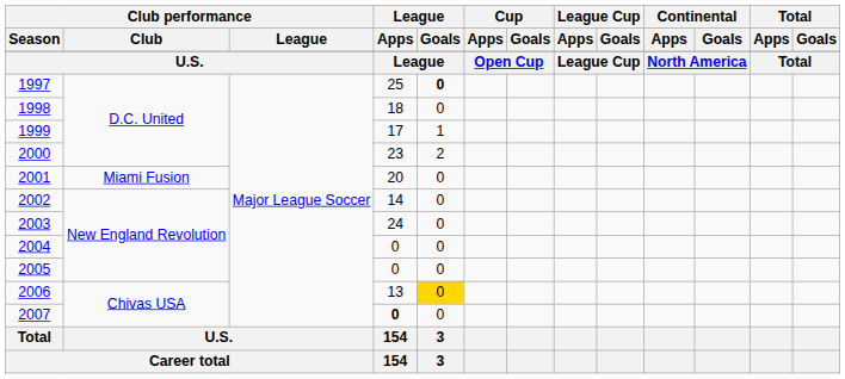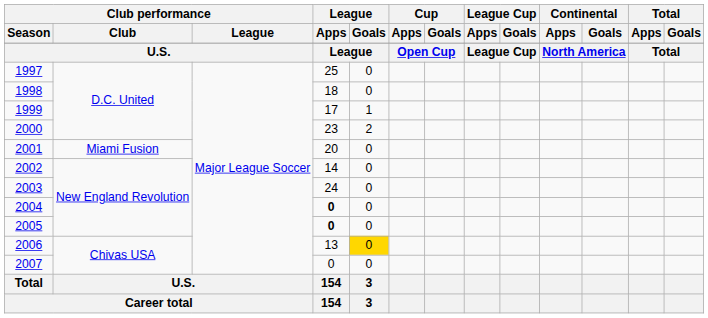 <table class="wikitable" style="text-align:center">
 <tr>
 <th colspan=3>Club performance</th>
 <th colspan=2>League</th>
 <th colspan=2>Cup</th>
 <th colspan=2>League Cup</th>
 <th colspan=2>Continental</th>
 <th colspan=2>Total</th>
 </tr>
 <tr>
 <th>Season</th>
 <th>Club</th>
 <th>League</th>
 <th>Apps</th>
 <th>Goals</th>
 <th>Apps</th>
 <th>Goals</th>
 <th>Apps</th>
 <th>Goals</th>
 <th>Apps</th>
 <th>Goals</th>
 <th>Apps</th>
 <th>Goals</th>
 </tr>
 <tr>
 </tr>
 <tr>
 <th colspan=3>U.S.</th>
 <th colspan=2>League</th>
 <th colspan=2><a href='#'>Open Cup</a></th>
 <th colspan=2>League Cup</th>
 <th colspan=2><a href='#'>North America</a></th>
 <th colspan=2>Total</th>
 </tr>
 <tr>
 <td><a href='#'>1997</a></td>
 <td rowspan="4"><a href='#'>D.C. United</a></td>
 <td rowspan="11"><a href='#'>Major League Soccer</a></td>
 <td>25</td>
-<td><strong>0</strong></td>
+<td>0</td>
 <td></td>
 <td></td>
 <td></td>
 <td></td>
 <td></td>
 <td></td>
 <td></td>
 <td></td>
 </tr>
 <tr>
 <td><a href='#'>1998</a></td>
 <td>18</td>
 <td>0</td>
 <td></td>
 <td></td>
 <td></td>
 <td></td>
 <td></td>
 <td></td>
 <td></td>
 <td></td>
 </tr>
 <tr>
 <td><a href='#'>1999</a></td>
 <td>17</td>
 <td>1</td>
 <td></td>
 <td></td>
 <td></td>
 <td></td>
 <td></td>
 <td></td>
 <td></td>
 <td></td>
 </tr>
 <tr>
 <td><a href='#'>2000</a></td>
 <td>23</td>
 <td>2</td>
 <td></td>
 <td></td>
 <td></td>
 <td></td>
 <td></td>
 <td></td>
 <td></td>
 <td></td>
 </tr>
 <tr>
 <td><a href='#'>2001</a></td>
 <td><a href='#'>Miami Fusion</a></td>
 <td>20</td>
 <td>0</td>
 <td></td>
 <td></td>
 <td></td>
 <td></td>
 <td></td>
 <td></td>
 <td></td>
 <td></td>
 </tr>
 <tr>
 <td><a href='#'>2002</a></td>
 <td rowspan="4"><a href='#'>New England Revolution</a></td>
 <td>14</td>
 <td>0</td>
 <td></td>
 <td></td>
 <td></td>
 <td></td>
 <td></td>
 <td></td>
 <td></td>
 <td></td>
 </tr>
 <tr>
 <td><a href='#'>2003</a></td>
 <td>24</td>
 <td>0</td>
 <td></td>
 <td></td>
 <td></td>
 <td></td>
 <td></td>
 <td></td>
 <td></td>
 <td></td>
 </tr>
 <tr>
 <td><a href='#'>2004</a></td>
-<td>0</td>
+<td><strong>0</strong></td>
 <td>0</td>
 <td></td>
 <td></td>
 <td></td>
 <td></td>
 <td></td>
 <td></td>
 <td></td>
 <td></td>
 </tr>
 <tr>
 <td><a href='#'>2005</a></td>
-<td>0</td>
+<td><strong>0</strong></td>
 <td>0</td>
 <td></td>
 <td></td>
 <td></td>
 <td></td>
 <td></td>
 <td></td>
 <td></td>
 <td></td>
 </tr>
 <tr>
 <td><a href='#'>2006</a></td>
 <td rowspan="2"><a href='#'>Chivas USA</a></td>
 <td>13</td>
 <td style="background: gold;">0</td>
 <td></td>
 <td></td>
 <td></td>
 <td></td>
 <td></td>
 <td></td>
 <td></td>
 <td></td>
 </tr>
 <tr>
 <td><a href='#'>2007</a></td>
-<td><strong>0</strong></td>
+<td>0</td>
 <td>0</td>
 <td></td>
 <td></td>
 <td></td>
 <td></td>
 <td></td>
 <td></td>
 <td></td>
 <td></td>
 </tr>
 <tr>
 <th rowspan=1>Total</th>
 <th colspan=2>U.S.</th>
 <th>154</th>
 <th>3</th>
 <th></th>
 <th></th>
 <th></th>
 <th></th>
 <th></th>
 <th></th>
 <th></th>
 <th></th>
 </tr>
 <tr>
 <th colspan=3>Career total</th>
 <th>154</th>
 <th>3</th>
 <th></th>
 <th></th>
 <th></th>
 <th></th>
 <th></th>
 <th></th>
 <th></th>
 <th></th>
 </tr>
 </table>
